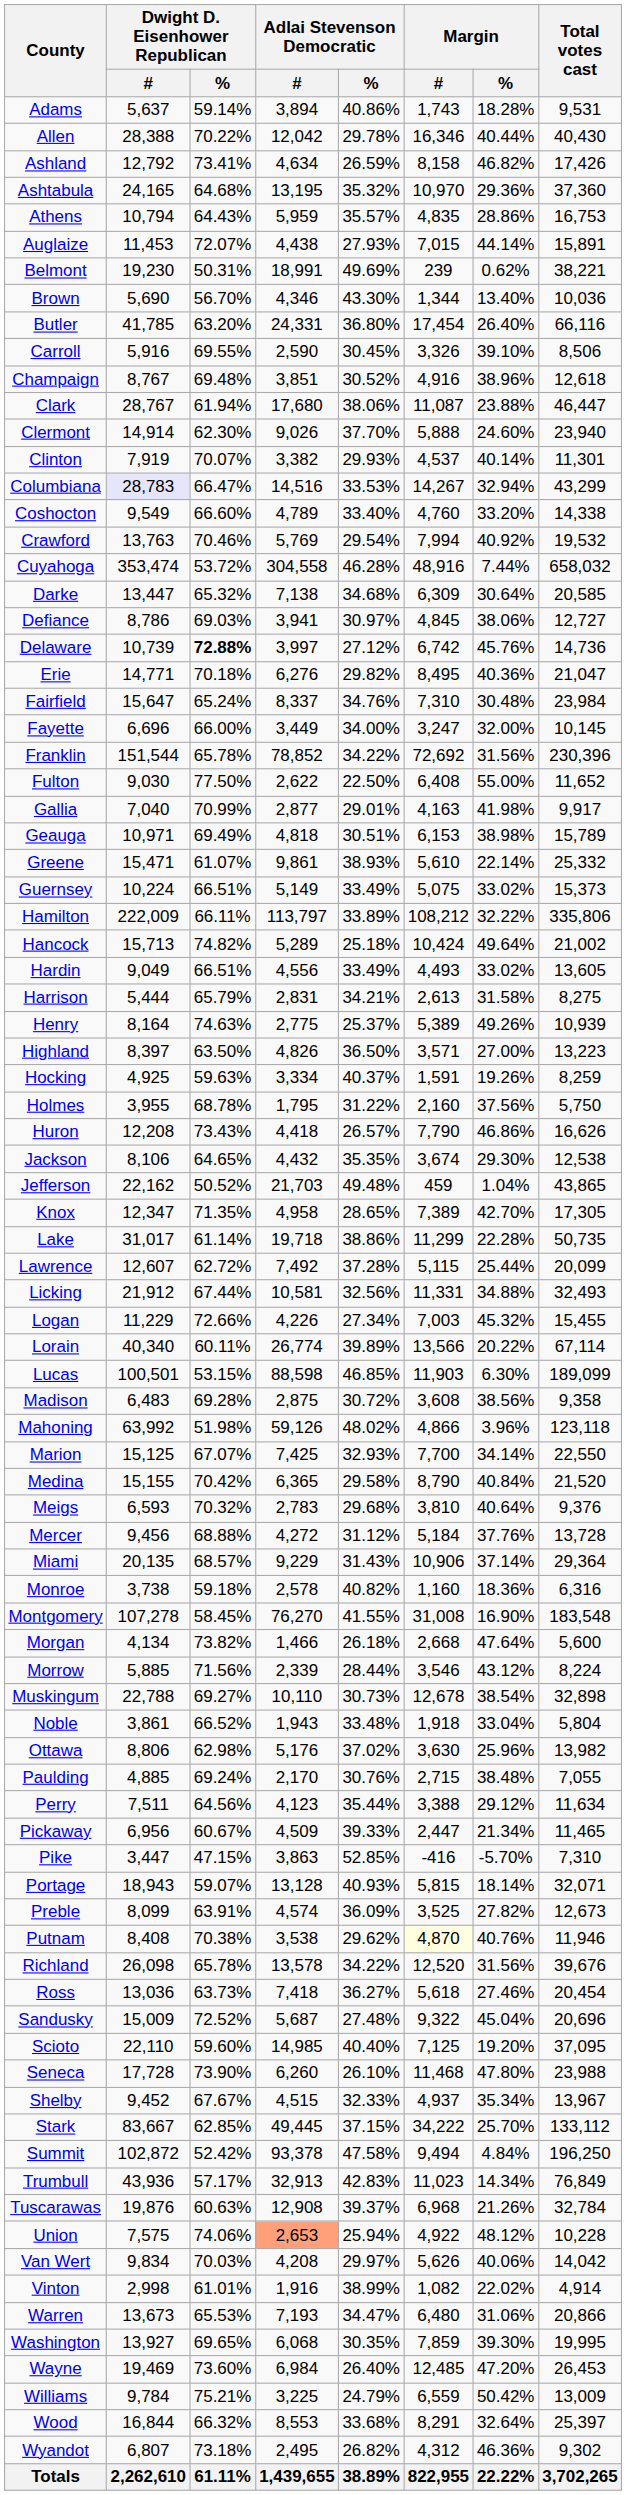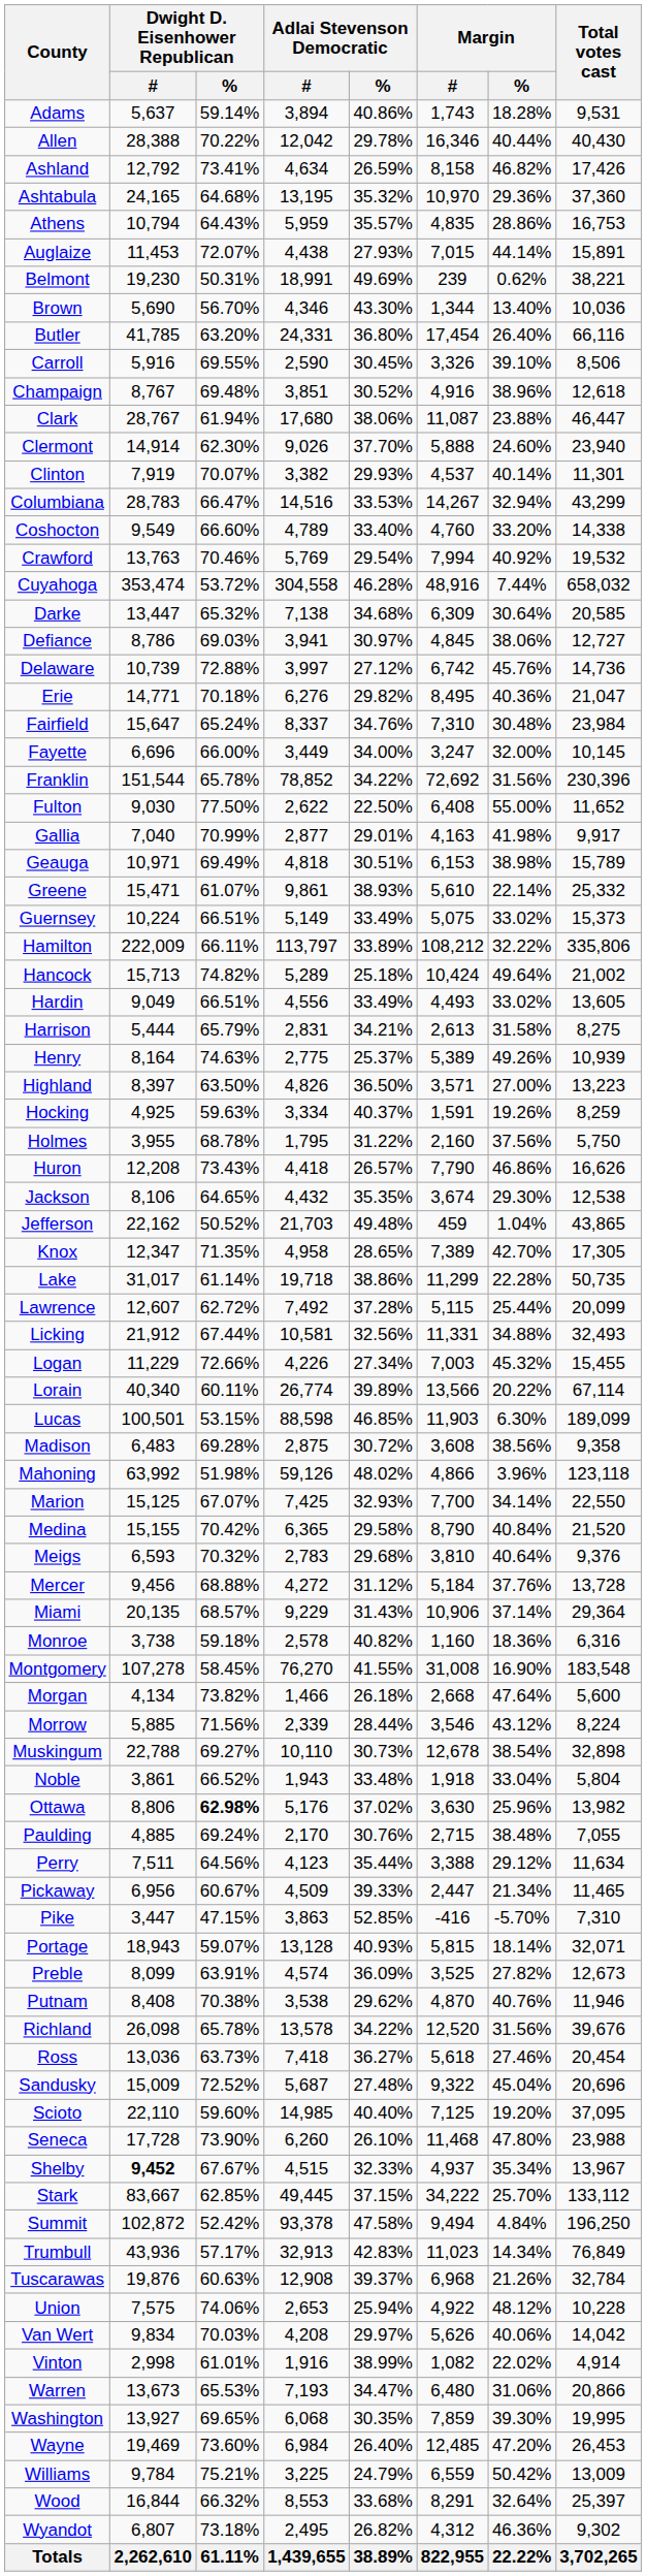 <table width="60%"  class="wikitable sortable" style="text-align:center">
 <tr>
 <th style="text-align:center;" rowspan="2">County</th>
 <th style="text-align:center;" colspan="2">Dwight D. Eisenhower<br>Republican</th>
 <th style="text-align:center;" colspan="2">Adlai Stevenson<br>Democratic</th>
 <th style="text-align:center;" colspan="2">Margin</th>
 <th style="text-align:center;" rowspan="2">Total votes cast</th>
 </tr>
 <tr>
 <th style="text-align:center;" data-sort-type="number">#</th>
 <th style="text-align:center;" data-sort-type="number">%</th>
 <th style="text-align:center;" data-sort-type="number">#</th>
 <th style="text-align:center;" data-sort-type="number">%</th>
 <th style="text-align:center;" data-sort-type="number">#</th>
 <th style="text-align:center;" data-sort-type="number">%</th>
 </tr>
 <tr style="text-align:center;">
 <td><a href='#'>Adams</a></td>
 <td>5,637</td>
 <td>59.14%</td>
 <td>3,894</td>
 <td>40.86%</td>
 <td>1,743</td>
 <td>18.28%</td>
 <td>9,531</td>
 </tr>
 <tr style="text-align:center;">
 <td><a href='#'>Allen</a></td>
 <td>28,388</td>
 <td>70.22%</td>
 <td>12,042</td>
 <td>29.78%</td>
 <td>16,346</td>
 <td>40.44%</td>
 <td>40,430</td>
 </tr>
 <tr style="text-align:center;">
 <td><a href='#'>Ashland</a></td>
 <td>12,792</td>
 <td>73.41%</td>
 <td>4,634</td>
 <td>26.59%</td>
 <td>8,158</td>
 <td>46.82%</td>
 <td>17,426</td>
 </tr>
 <tr style="text-align:center;">
 <td><a href='#'>Ashtabula</a></td>
 <td>24,165</td>
 <td>64.68%</td>
 <td>13,195</td>
 <td>35.32%</td>
 <td>10,970</td>
 <td>29.36%</td>
 <td>37,360</td>
 </tr>
 <tr style="text-align:center;">
 <td><a href='#'>Athens</a></td>
 <td>10,794</td>
 <td>64.43%</td>
 <td>5,959</td>
 <td>35.57%</td>
 <td>4,835</td>
 <td>28.86%</td>
 <td>16,753</td>
 </tr>
 <tr style="text-align:center;">
 <td><a href='#'>Auglaize</a></td>
 <td>11,453</td>
 <td>72.07%</td>
 <td>4,438</td>
 <td>27.93%</td>
 <td>7,015</td>
 <td>44.14%</td>
 <td>15,891</td>
 </tr>
 <tr style="text-align:center;">
 <td><a href='#'>Belmont</a></td>
 <td>19,230</td>
 <td>50.31%</td>
 <td>18,991</td>
 <td>49.69%</td>
 <td>239</td>
 <td>0.62%</td>
 <td>38,221</td>
 </tr>
 <tr style="text-align:center;">
 <td><a href='#'>Brown</a></td>
 <td>5,690</td>
 <td>56.70%</td>
 <td>4,346</td>
 <td>43.30%</td>
 <td>1,344</td>
 <td>13.40%</td>
 <td>10,036</td>
 </tr>
 <tr style="text-align:center;">
 <td><a href='#'>Butler</a></td>
 <td>41,785</td>
 <td>63.20%</td>
 <td>24,331</td>
 <td>36.80%</td>
 <td>17,454</td>
 <td>26.40%</td>
 <td>66,116</td>
 </tr>
 <tr style="text-align:center;">
 <td><a href='#'>Carroll</a></td>
 <td>5,916</td>
 <td>69.55%</td>
 <td>2,590</td>
 <td>30.45%</td>
 <td>3,326</td>
 <td>39.10%</td>
 <td>8,506</td>
 </tr>
 <tr style="text-align:center;">
 <td><a href='#'>Champaign</a></td>
 <td>8,767</td>
 <td>69.48%</td>
 <td>3,851</td>
 <td>30.52%</td>
 <td>4,916</td>
 <td>38.96%</td>
 <td>12,618</td>
 </tr>
 <tr style="text-align:center;">
 <td><a href='#'>Clark</a></td>
 <td>28,767</td>
 <td>61.94%</td>
 <td>17,680</td>
 <td>38.06%</td>
 <td>11,087</td>
 <td>23.88%</td>
 <td>46,447</td>
 </tr>
 <tr style="text-align:center;">
 <td><a href='#'>Clermont</a></td>
 <td>14,914</td>
 <td>62.30%</td>
 <td>9,026</td>
 <td>37.70%</td>
 <td>5,888</td>
 <td>24.60%</td>
 <td>23,940</td>
 </tr>
 <tr style="text-align:center;">
 <td><a href='#'>Clinton</a></td>
 <td>7,919</td>
 <td>70.07%</td>
 <td>3,382</td>
 <td>29.93%</td>
 <td>4,537</td>
 <td>40.14%</td>
 <td>11,301</td>
 </tr>
 <tr style="text-align:center;">
 <td><a href='#'>Columbiana</a></td>
-<td style="background: lavender;">28,783</td>
+<td>28,783</td>
 <td>66.47%</td>
 <td>14,516</td>
 <td>33.53%</td>
 <td>14,267</td>
 <td>32.94%</td>
 <td>43,299</td>
 </tr>
 <tr style="text-align:center;">
 <td><a href='#'>Coshocton</a></td>
 <td>9,549</td>
 <td>66.60%</td>
 <td>4,789</td>
 <td>33.40%</td>
 <td>4,760</td>
 <td>33.20%</td>
 <td>14,338</td>
 </tr>
 <tr style="text-align:center;">
 <td><a href='#'>Crawford</a></td>
 <td>13,763</td>
 <td>70.46%</td>
 <td>5,769</td>
 <td>29.54%</td>
 <td>7,994</td>
 <td>40.92%</td>
 <td>19,532</td>
 </tr>
 <tr style="text-align:center;">
 <td><a href='#'>Cuyahoga</a></td>
 <td>353,474</td>
 <td>53.72%</td>
 <td>304,558</td>
 <td>46.28%</td>
 <td>48,916</td>
 <td>7.44%</td>
 <td>658,032</td>
 </tr>
 <tr style="text-align:center;">
 <td><a href='#'>Darke</a></td>
 <td>13,447</td>
 <td>65.32%</td>
 <td>7,138</td>
 <td>34.68%</td>
 <td>6,309</td>
 <td>30.64%</td>
 <td>20,585</td>
 </tr>
 <tr style="text-align:center;">
 <td><a href='#'>Defiance</a></td>
 <td>8,786</td>
 <td>69.03%</td>
 <td>3,941</td>
 <td>30.97%</td>
 <td>4,845</td>
 <td>38.06%</td>
 <td>12,727</td>
 </tr>
 <tr style="text-align:center;">
 <td><a href='#'>Delaware</a></td>
 <td>10,739</td>
-<td><strong>72.88%</strong></td>
+<td>72.88%</td>
 <td>3,997</td>
 <td>27.12%</td>
 <td>6,742</td>
 <td>45.76%</td>
 <td>14,736</td>
 </tr>
 <tr style="text-align:center;">
 <td><a href='#'>Erie</a></td>
 <td>14,771</td>
 <td>70.18%</td>
 <td>6,276</td>
 <td>29.82%</td>
 <td>8,495</td>
 <td>40.36%</td>
 <td>21,047</td>
 </tr>
 <tr style="text-align:center;">
 <td><a href='#'>Fairfield</a></td>
 <td>15,647</td>
 <td>65.24%</td>
 <td>8,337</td>
 <td>34.76%</td>
 <td>7,310</td>
 <td>30.48%</td>
 <td>23,984</td>
 </tr>
 <tr style="text-align:center;">
 <td><a href='#'>Fayette</a></td>
 <td>6,696</td>
 <td>66.00%</td>
 <td>3,449</td>
 <td>34.00%</td>
 <td>3,247</td>
 <td>32.00%</td>
 <td>10,145</td>
 </tr>
 <tr style="text-align:center;">
 <td><a href='#'>Franklin</a></td>
 <td>151,544</td>
 <td>65.78%</td>
 <td>78,852</td>
 <td>34.22%</td>
 <td>72,692</td>
 <td>31.56%</td>
 <td>230,396</td>
 </tr>
 <tr style="text-align:center;">
 <td><a href='#'>Fulton</a></td>
 <td>9,030</td>
 <td>77.50%</td>
 <td>2,622</td>
 <td>22.50%</td>
 <td>6,408</td>
 <td>55.00%</td>
 <td>11,652</td>
 </tr>
 <tr style="text-align:center;">
 <td><a href='#'>Gallia</a></td>
 <td>7,040</td>
 <td>70.99%</td>
 <td>2,877</td>
 <td>29.01%</td>
 <td>4,163</td>
 <td>41.98%</td>
 <td>9,917</td>
 </tr>
 <tr style="text-align:center;">
 <td><a href='#'>Geauga</a></td>
 <td>10,971</td>
 <td>69.49%</td>
 <td>4,818</td>
 <td>30.51%</td>
 <td>6,153</td>
 <td>38.98%</td>
 <td>15,789</td>
 </tr>
 <tr style="text-align:center;">
 <td><a href='#'>Greene</a></td>
 <td>15,471</td>
 <td>61.07%</td>
 <td>9,861</td>
 <td>38.93%</td>
 <td>5,610</td>
 <td>22.14%</td>
 <td>25,332</td>
 </tr>
 <tr style="text-align:center;">
 <td><a href='#'>Guernsey</a></td>
 <td>10,224</td>
 <td>66.51%</td>
 <td>5,149</td>
 <td>33.49%</td>
 <td>5,075</td>
 <td>33.02%</td>
 <td>15,373</td>
 </tr>
 <tr style="text-align:center;">
 <td><a href='#'>Hamilton</a></td>
 <td>222,009</td>
 <td>66.11%</td>
 <td>113,797</td>
 <td>33.89%</td>
 <td>108,212</td>
 <td>32.22%</td>
 <td>335,806</td>
 </tr>
 <tr style="text-align:center;">
 <td><a href='#'>Hancock</a></td>
 <td>15,713</td>
 <td>74.82%</td>
 <td>5,289</td>
 <td>25.18%</td>
 <td>10,424</td>
 <td>49.64%</td>
 <td>21,002</td>
 </tr>
 <tr style="text-align:center;">
 <td><a href='#'>Hardin</a></td>
 <td>9,049</td>
 <td>66.51%</td>
 <td>4,556</td>
 <td>33.49%</td>
 <td>4,493</td>
 <td>33.02%</td>
 <td>13,605</td>
 </tr>
 <tr style="text-align:center;">
 <td><a href='#'>Harrison</a></td>
 <td>5,444</td>
 <td>65.79%</td>
 <td>2,831</td>
 <td>34.21%</td>
 <td>2,613</td>
 <td>31.58%</td>
 <td>8,275</td>
 </tr>
 <tr style="text-align:center;">
 <td><a href='#'>Henry</a></td>
 <td>8,164</td>
 <td>74.63%</td>
 <td>2,775</td>
 <td>25.37%</td>
 <td>5,389</td>
 <td>49.26%</td>
 <td>10,939</td>
 </tr>
 <tr style="text-align:center;">
 <td><a href='#'>Highland</a></td>
 <td>8,397</td>
 <td>63.50%</td>
 <td>4,826</td>
 <td>36.50%</td>
 <td>3,571</td>
 <td>27.00%</td>
 <td>13,223</td>
 </tr>
 <tr style="text-align:center;">
 <td><a href='#'>Hocking</a></td>
 <td>4,925</td>
 <td>59.63%</td>
 <td>3,334</td>
 <td>40.37%</td>
 <td>1,591</td>
 <td>19.26%</td>
 <td>8,259</td>
 </tr>
 <tr style="text-align:center;">
 <td><a href='#'>Holmes</a></td>
 <td>3,955</td>
 <td>68.78%</td>
 <td>1,795</td>
 <td>31.22%</td>
 <td>2,160</td>
 <td>37.56%</td>
 <td>5,750</td>
 </tr>
 <tr style="text-align:center;">
 <td><a href='#'>Huron</a></td>
 <td>12,208</td>
 <td>73.43%</td>
 <td>4,418</td>
 <td>26.57%</td>
 <td>7,790</td>
 <td>46.86%</td>
 <td>16,626</td>
 </tr>
 <tr style="text-align:center;">
 <td><a href='#'>Jackson</a></td>
 <td>8,106</td>
 <td>64.65%</td>
 <td>4,432</td>
 <td>35.35%</td>
 <td>3,674</td>
 <td>29.30%</td>
 <td>12,538</td>
 </tr>
 <tr style="text-align:center;">
 <td><a href='#'>Jefferson</a></td>
 <td>22,162</td>
 <td>50.52%</td>
 <td>21,703</td>
 <td>49.48%</td>
 <td>459</td>
 <td>1.04%</td>
 <td>43,865</td>
 </tr>
 <tr style="text-align:center;">
 <td><a href='#'>Knox</a></td>
 <td>12,347</td>
 <td>71.35%</td>
 <td>4,958</td>
 <td>28.65%</td>
 <td>7,389</td>
 <td>42.70%</td>
 <td>17,305</td>
 </tr>
 <tr style="text-align:center;">
 <td><a href='#'>Lake</a></td>
 <td>31,017</td>
 <td>61.14%</td>
 <td>19,718</td>
 <td>38.86%</td>
 <td>11,299</td>
 <td>22.28%</td>
 <td>50,735</td>
 </tr>
 <tr style="text-align:center;">
 <td><a href='#'>Lawrence</a></td>
 <td>12,607</td>
 <td>62.72%</td>
 <td>7,492</td>
 <td>37.28%</td>
 <td>5,115</td>
 <td>25.44%</td>
 <td>20,099</td>
 </tr>
 <tr style="text-align:center;">
 <td><a href='#'>Licking</a></td>
 <td>21,912</td>
 <td>67.44%</td>
 <td>10,581</td>
 <td>32.56%</td>
 <td>11,331</td>
 <td>34.88%</td>
 <td>32,493</td>
 </tr>
 <tr style="text-align:center;">
 <td><a href='#'>Logan</a></td>
 <td>11,229</td>
 <td>72.66%</td>
 <td>4,226</td>
 <td>27.34%</td>
 <td>7,003</td>
 <td>45.32%</td>
 <td>15,455</td>
 </tr>
 <tr style="text-align:center;">
 <td><a href='#'>Lorain</a></td>
 <td>40,340</td>
 <td>60.11%</td>
 <td>26,774</td>
 <td>39.89%</td>
 <td>13,566</td>
 <td>20.22%</td>
 <td>67,114</td>
 </tr>
 <tr style="text-align:center;">
 <td><a href='#'>Lucas</a></td>
 <td>100,501</td>
 <td>53.15%</td>
 <td>88,598</td>
 <td>46.85%</td>
 <td>11,903</td>
 <td>6.30%</td>
 <td>189,099</td>
 </tr>
 <tr style="text-align:center;">
 <td><a href='#'>Madison</a></td>
 <td>6,483</td>
 <td>69.28%</td>
 <td>2,875</td>
 <td>30.72%</td>
 <td>3,608</td>
 <td>38.56%</td>
 <td>9,358</td>
 </tr>
 <tr style="text-align:center;">
 <td><a href='#'>Mahoning</a></td>
 <td>63,992</td>
 <td>51.98%</td>
 <td>59,126</td>
 <td>48.02%</td>
 <td>4,866</td>
 <td>3.96%</td>
 <td>123,118</td>
 </tr>
 <tr style="text-align:center;">
 <td><a href='#'>Marion</a></td>
 <td>15,125</td>
 <td>67.07%</td>
 <td>7,425</td>
 <td>32.93%</td>
 <td>7,700</td>
 <td>34.14%</td>
 <td>22,550</td>
 </tr>
 <tr style="text-align:center;">
 <td><a href='#'>Medina</a></td>
 <td>15,155</td>
 <td>70.42%</td>
 <td>6,365</td>
 <td>29.58%</td>
 <td>8,790</td>
 <td>40.84%</td>
 <td>21,520</td>
 </tr>
 <tr style="text-align:center;">
 <td><a href='#'>Meigs</a></td>
 <td>6,593</td>
 <td>70.32%</td>
 <td>2,783</td>
 <td>29.68%</td>
 <td>3,810</td>
 <td>40.64%</td>
 <td>9,376</td>
 </tr>
 <tr style="text-align:center;">
 <td><a href='#'>Mercer</a></td>
 <td>9,456</td>
 <td>68.88%</td>
 <td>4,272</td>
 <td>31.12%</td>
 <td>5,184</td>
 <td>37.76%</td>
 <td>13,728</td>
 </tr>
 <tr style="text-align:center;">
 <td><a href='#'>Miami</a></td>
 <td>20,135</td>
 <td>68.57%</td>
 <td>9,229</td>
 <td>31.43%</td>
 <td>10,906</td>
 <td>37.14%</td>
 <td>29,364</td>
 </tr>
 <tr style="text-align:center;">
 <td><a href='#'>Monroe</a></td>
 <td>3,738</td>
 <td>59.18%</td>
 <td>2,578</td>
 <td>40.82%</td>
 <td>1,160</td>
 <td>18.36%</td>
 <td>6,316</td>
 </tr>
 <tr style="text-align:center;">
 <td><a href='#'>Montgomery</a></td>
 <td>107,278</td>
 <td>58.45%</td>
 <td>76,270</td>
 <td>41.55%</td>
 <td>31,008</td>
 <td>16.90%</td>
 <td>183,548</td>
 </tr>
 <tr style="text-align:center;">
 <td><a href='#'>Morgan</a></td>
 <td>4,134</td>
 <td>73.82%</td>
 <td>1,466</td>
 <td>26.18%</td>
 <td>2,668</td>
 <td>47.64%</td>
 <td>5,600</td>
 </tr>
 <tr style="text-align:center;">
 <td><a href='#'>Morrow</a></td>
 <td>5,885</td>
 <td>71.56%</td>
 <td>2,339</td>
 <td>28.44%</td>
 <td>3,546</td>
 <td>43.12%</td>
 <td>8,224</td>
 </tr>
 <tr style="text-align:center;">
 <td><a href='#'>Muskingum</a></td>
 <td>22,788</td>
 <td>69.27%</td>
 <td>10,110</td>
 <td>30.73%</td>
 <td>12,678</td>
 <td>38.54%</td>
 <td>32,898</td>
 </tr>
 <tr style="text-align:center;">
 <td><a href='#'>Noble</a></td>
 <td>3,861</td>
 <td>66.52%</td>
 <td>1,943</td>
 <td>33.48%</td>
 <td>1,918</td>
 <td>33.04%</td>
 <td>5,804</td>
 </tr>
 <tr style="text-align:center;">
 <td><a href='#'>Ottawa</a></td>
 <td>8,806</td>
-<td>62.98%</td>
+<td><strong>62.98%</strong></td>
 <td>5,176</td>
 <td>37.02%</td>
 <td>3,630</td>
 <td>25.96%</td>
 <td>13,982</td>
 </tr>
 <tr style="text-align:center;">
 <td><a href='#'>Paulding</a></td>
 <td>4,885</td>
 <td>69.24%</td>
 <td>2,170</td>
 <td>30.76%</td>
 <td>2,715</td>
 <td>38.48%</td>
 <td>7,055</td>
 </tr>
 <tr style="text-align:center;">
 <td><a href='#'>Perry</a></td>
 <td>7,511</td>
 <td>64.56%</td>
 <td>4,123</td>
 <td>35.44%</td>
 <td>3,388</td>
 <td>29.12%</td>
 <td>11,634</td>
 </tr>
 <tr style="text-align:center;">
 <td><a href='#'>Pickaway</a></td>
 <td>6,956</td>
 <td>60.67%</td>
 <td>4,509</td>
 <td>39.33%</td>
 <td>2,447</td>
 <td>21.34%</td>
 <td>11,465</td>
 </tr>
 <tr style="text-align:center;">
 <td><a href='#'>Pike</a></td>
 <td>3,447</td>
 <td>47.15%</td>
 <td>3,863</td>
 <td>52.85%</td>
 <td>-416</td>
 <td>-5.70%</td>
 <td>7,310</td>
 </tr>
 <tr style="text-align:center;">
 <td><a href='#'>Portage</a></td>
 <td>18,943</td>
 <td>59.07%</td>
 <td>13,128</td>
 <td>40.93%</td>
 <td>5,815</td>
 <td>18.14%</td>
 <td>32,071</td>
 </tr>
 <tr style="text-align:center;">
 <td><a href='#'>Preble</a></td>
 <td>8,099</td>
 <td>63.91%</td>
 <td>4,574</td>
 <td>36.09%</td>
 <td>3,525</td>
 <td>27.82%</td>
 <td>12,673</td>
 </tr>
 <tr style="text-align:center;">
 <td><a href='#'>Putnam</a></td>
 <td>8,408</td>
 <td>70.38%</td>
 <td>3,538</td>
 <td>29.62%</td>
-<td style="background: lightyellow;">4,870</td>
+<td>4,870</td>
 <td>40.76%</td>
 <td>11,946</td>
 </tr>
 <tr style="text-align:center;">
 <td><a href='#'>Richland</a></td>
 <td>26,098</td>
 <td>65.78%</td>
 <td>13,578</td>
 <td>34.22%</td>
 <td>12,520</td>
 <td>31.56%</td>
 <td>39,676</td>
 </tr>
 <tr style="text-align:center;">
 <td><a href='#'>Ross</a></td>
 <td>13,036</td>
 <td>63.73%</td>
 <td>7,418</td>
 <td>36.27%</td>
 <td>5,618</td>
 <td>27.46%</td>
 <td>20,454</td>
 </tr>
 <tr style="text-align:center;">
 <td><a href='#'>Sandusky</a></td>
 <td>15,009</td>
 <td>72.52%</td>
 <td>5,687</td>
 <td>27.48%</td>
 <td>9,322</td>
 <td>45.04%</td>
 <td>20,696</td>
 </tr>
 <tr style="text-align:center;">
 <td><a href='#'>Scioto</a></td>
 <td>22,110</td>
 <td>59.60%</td>
 <td>14,985</td>
 <td>40.40%</td>
 <td>7,125</td>
 <td>19.20%</td>
 <td>37,095</td>
 </tr>
 <tr style="text-align:center;">
 <td><a href='#'>Seneca</a></td>
 <td>17,728</td>
 <td>73.90%</td>
 <td>6,260</td>
 <td>26.10%</td>
 <td>11,468</td>
 <td>47.80%</td>
 <td>23,988</td>
 </tr>
 <tr style="text-align:center;">
 <td><a href='#'>Shelby</a></td>
-<td>9,452</td>
+<td><strong>9,452</strong></td>
 <td>67.67%</td>
 <td>4,515</td>
 <td>32.33%</td>
 <td>4,937</td>
 <td>35.34%</td>
 <td>13,967</td>
 </tr>
 <tr style="text-align:center;">
 <td><a href='#'>Stark</a></td>
 <td>83,667</td>
 <td>62.85%</td>
 <td>49,445</td>
 <td>37.15%</td>
 <td>34,222</td>
 <td>25.70%</td>
 <td>133,112</td>
 </tr>
 <tr style="text-align:center;">
 <td><a href='#'>Summit</a></td>
 <td>102,872</td>
 <td>52.42%</td>
 <td>93,378</td>
 <td>47.58%</td>
 <td>9,494</td>
 <td>4.84%</td>
 <td>196,250</td>
 </tr>
 <tr style="text-align:center;">
 <td><a href='#'>Trumbull</a></td>
 <td>43,936</td>
 <td>57.17%</td>
 <td>32,913</td>
 <td>42.83%</td>
 <td>11,023</td>
 <td>14.34%</td>
 <td>76,849</td>
 </tr>
 <tr style="text-align:center;">
 <td><a href='#'>Tuscarawas</a></td>
 <td>19,876</td>
 <td>60.63%</td>
 <td>12,908</td>
 <td>39.37%</td>
 <td>6,968</td>
 <td>21.26%</td>
 <td>32,784</td>
 </tr>
 <tr style="text-align:center;">
 <td><a href='#'>Union</a></td>
 <td>7,575</td>
 <td>74.06%</td>
-<td style="background: lightsalmon;">2,653</td>
+<td>2,653</td>
 <td>25.94%</td>
 <td>4,922</td>
 <td>48.12%</td>
 <td>10,228</td>
 </tr>
 <tr style="text-align:center;">
 <td><a href='#'>Van Wert</a></td>
 <td>9,834</td>
 <td>70.03%</td>
 <td>4,208</td>
 <td>29.97%</td>
 <td>5,626</td>
 <td>40.06%</td>
 <td>14,042</td>
 </tr>
 <tr style="text-align:center;">
 <td><a href='#'>Vinton</a></td>
 <td>2,998</td>
 <td>61.01%</td>
 <td>1,916</td>
 <td>38.99%</td>
 <td>1,082</td>
 <td>22.02%</td>
 <td>4,914</td>
 </tr>
 <tr style="text-align:center;">
 <td><a href='#'>Warren</a></td>
 <td>13,673</td>
 <td>65.53%</td>
 <td>7,193</td>
 <td>34.47%</td>
 <td>6,480</td>
 <td>31.06%</td>
 <td>20,866</td>
 </tr>
 <tr style="text-align:center;">
 <td><a href='#'>Washington</a></td>
 <td>13,927</td>
 <td>69.65%</td>
 <td>6,068</td>
 <td>30.35%</td>
 <td>7,859</td>
 <td>39.30%</td>
 <td>19,995</td>
 </tr>
 <tr style="text-align:center;">
 <td><a href='#'>Wayne</a></td>
 <td>19,469</td>
 <td>73.60%</td>
 <td>6,984</td>
 <td>26.40%</td>
 <td>12,485</td>
 <td>47.20%</td>
 <td>26,453</td>
 </tr>
 <tr style="text-align:center;">
 <td><a href='#'>Williams</a></td>
 <td>9,784</td>
 <td>75.21%</td>
 <td>3,225</td>
 <td>24.79%</td>
 <td>6,559</td>
 <td>50.42%</td>
 <td>13,009</td>
 </tr>
 <tr style="text-align:center;">
 <td><a href='#'>Wood</a></td>
 <td>16,844</td>
 <td>66.32%</td>
 <td>8,553</td>
 <td>33.68%</td>
 <td>8,291</td>
 <td>32.64%</td>
 <td>25,397</td>
 </tr>
 <tr style="text-align:center;">
 <td><a href='#'>Wyandot</a></td>
 <td>6,807</td>
 <td>73.18%</td>
 <td>2,495</td>
 <td>26.82%</td>
 <td>4,312</td>
 <td>46.36%</td>
 <td>9,302</td>
 </tr>
 <tr style="text-align:center;">
 <th>Totals</th>
 <th>2,262,610</th>
 <th>61.11%</th>
 <th>1,439,655</th>
 <th>38.89%</th>
 <th>822,955</th>
 <th>22.22%</th>
 <th>3,702,265</th>
 </tr>
 </table>
